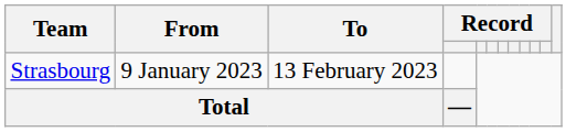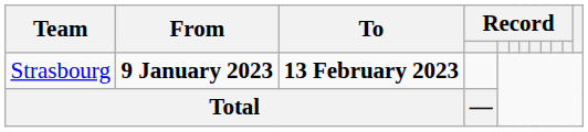 <table class="wikitable" style="text-align: center">
 <tr>
 <th rowspan="2">Team</th>
 <th rowspan="2">From</th>
 <th rowspan="2">To</th>
 <th colspan="8">Record</th>
 <th rowspan=2></th>
 </tr>
 <tr>
 <th></th>
 <th></th>
 <th></th>
 <th></th>
 <th></th>
 <th></th>
 <th></th>
 <th></th>
 </tr>
 <tr>
 <td align=left><a href='#'>Strasbourg</a></td>
-<td align=left>9 January 2023</td>
-<td align=left>13 February 2023<br></td>
+<td align=left><strong>9 January 2023</strong></td>
+<td align=left><strong>13 February 2023<br></strong></td>
 <td></td>
 </tr>
 <tr>
 <th colspan="3">Total<br></th>
 <th>—</th>
 </tr>
 </table>
